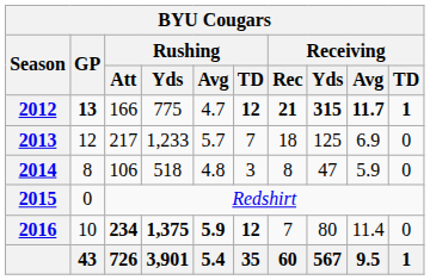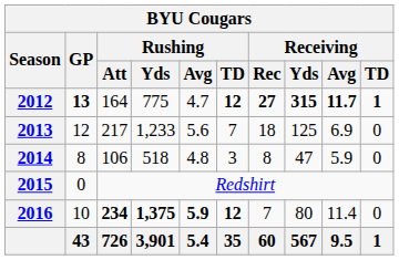 <table class="wikitable" style="text-align: center;">
 <tr>
 <th colspan="15">BYU Cougars</th>
 </tr>
 <tr>
 <th rowspan="2">Season</th>
 <th rowspan="2">GP</th>
 <th colspan="4">Rushing</th>
 <th colspan="4">Receiving</th>
 </tr>
 <tr>
 <th>Att</th>
 <th>Yds</th>
 <th>Avg</th>
 <th>TD</th>
 <th>Rec</th>
 <th>Yds</th>
 <th>Avg</th>
 <th>TD</th>
 </tr>
 <tr>
 <th><a href='#'>2012</a></th>
 <td><strong>13</strong></td>
-<td>166</td>
+<td>164</td>
 <td>775</td>
 <td>4.7</td>
 <td><strong>12</strong></td>
-<td><strong>21</strong></td>
+<td><strong>27</strong></td>
 <td><strong>315</strong></td>
 <td><strong>11.7</strong></td>
 <td><strong>1</strong></td>
 </tr>
 <tr>
 <th><a href='#'>2013</a></th>
 <td>12</td>
 <td>217</td>
 <td>1,233</td>
-<td>5.7</td>
+<td>5.6</td>
 <td>7</td>
 <td>18</td>
 <td>125</td>
 <td>6.9</td>
 <td>0</td>
 </tr>
 <tr>
 <th><a href='#'>2014</a></th>
 <td>8</td>
 <td>106</td>
 <td>518</td>
 <td>4.8</td>
 <td>3</td>
 <td>8</td>
 <td>47</td>
 <td>5.9</td>
 <td>0</td>
 </tr>
 <tr>
 <th><a href='#'>2015</a></th>
 <td>0</td>
 <td colspan="8"> <em><a href='#'>Redshirt</a></em></td>
 </tr>
 <tr>
 <th><a href='#'>2016</a></th>
 <td>10</td>
 <td><strong>234</strong></td>
 <td><strong>1,375</strong></td>
 <td><strong>5.9</strong></td>
 <td><strong>12</strong></td>
 <td>7</td>
 <td>80</td>
 <td>11.4</td>
 <td>0</td>
 </tr>
 <tr>
 <th></th>
 <th>43</th>
 <th>726</th>
 <th>3,901</th>
 <th>5.4</th>
 <th>35</th>
 <th>60</th>
 <th>567</th>
 <th>9.5</th>
 <th>1</th>
 </tr>
 </table>
